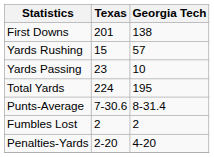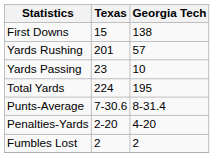 <table class="wikitable">
 <tr>
 <th>Statistics</th>
 <th>Texas</th>
 <th>Georgia Tech</th>
 </tr>
 <tr>
 <td>First Downs</td>
-<td>201</td>
+<td>15</td>
 <td>138</td>
 </tr>
 <tr>
 <td>Yards Rushing</td>
-<td>15</td>
+<td>201</td>
 <td>57</td>
 </tr>
 <tr>
 <td>Yards Passing</td>
 <td>23</td>
 <td>10</td>
 </tr>
 <tr>
 <td>Total Yards</td>
 <td>224</td>
 <td>195</td>
 </tr>
 <tr>
 <td>Punts-Average</td>
 <td>7-30.6</td>
 <td>8-31.4</td>
 </tr>
 <tr>
+<td>Penalties-Yards</td>
+<td>2-20</td>
+<td>4-20</td>
+</tr>
+<tr>
 <td>Fumbles Lost</td>
 <td>2</td>
 <td>2</td>
 </tr>
 <tr>
-<td>Penalties-Yards</td>
-<td>2-20</td>
-<td>4-20</td>
-</tr>
-<tr>
 </tr>
 </table>
